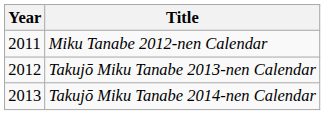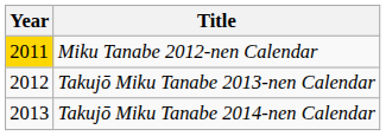 <table class="wikitable">
 <tr>
 <th>Year</th>
 <th>Title</th>
 </tr>
 <tr>
-<td>2011</td>
+<td style="background: gold;">2011</td>
 <td><em>Miku Tanabe 2012-nen Calendar</em></td>
 </tr>
 <tr>
 <td>2012</td>
 <td><em>Takujō Miku Tanabe 2013-nen Calendar</em></td>
 </tr>
 <tr>
 <td>2013</td>
 <td><em>Takujō Miku Tanabe 2014-nen Calendar</em></td>
 </tr>
 </table>
